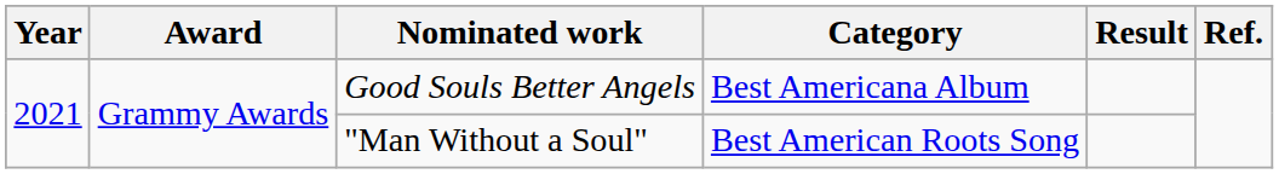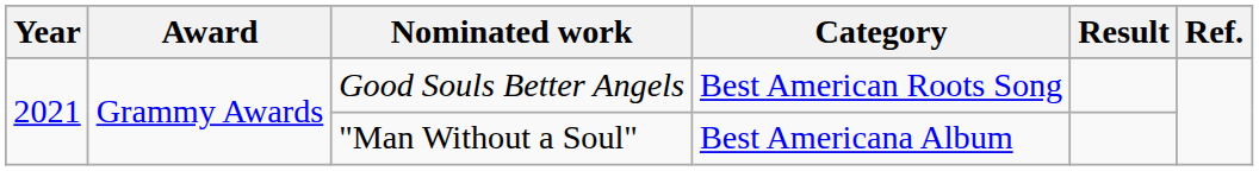 <table class="wikitable">
 <tr>
 <th scope="col">Year</th>
 <th scope="col">Award</th>
 <th scope="col">Nominated work</th>
 <th scope="col">Category</th>
 <th scope="col">Result</th>
 <th scope="col" class="unsortable">Ref.</th>
 </tr>
 <tr>
 <td rowspan="2"><a href='#'>2021</a></td>
 <td rowspan="2"><a href='#'>Grammy Awards</a></td>
 <td><em>Good Souls Better Angels</em></td>
-<td scope="row"><a href='#'>Best Americana Album</a></td>
+<td scope="row"><a href='#'>Best American Roots Song</a></td>
 <td></td>
 <td align="center" rowspan="2"></td>
 </tr>
 <tr>
 <td>"Man Without a Soul"</td>
-<td scope="row"><a href='#'>Best American Roots Song</a></td>
+<td scope="row"><a href='#'>Best Americana Album</a></td>
 <td></td>
 </tr>
 </table>
